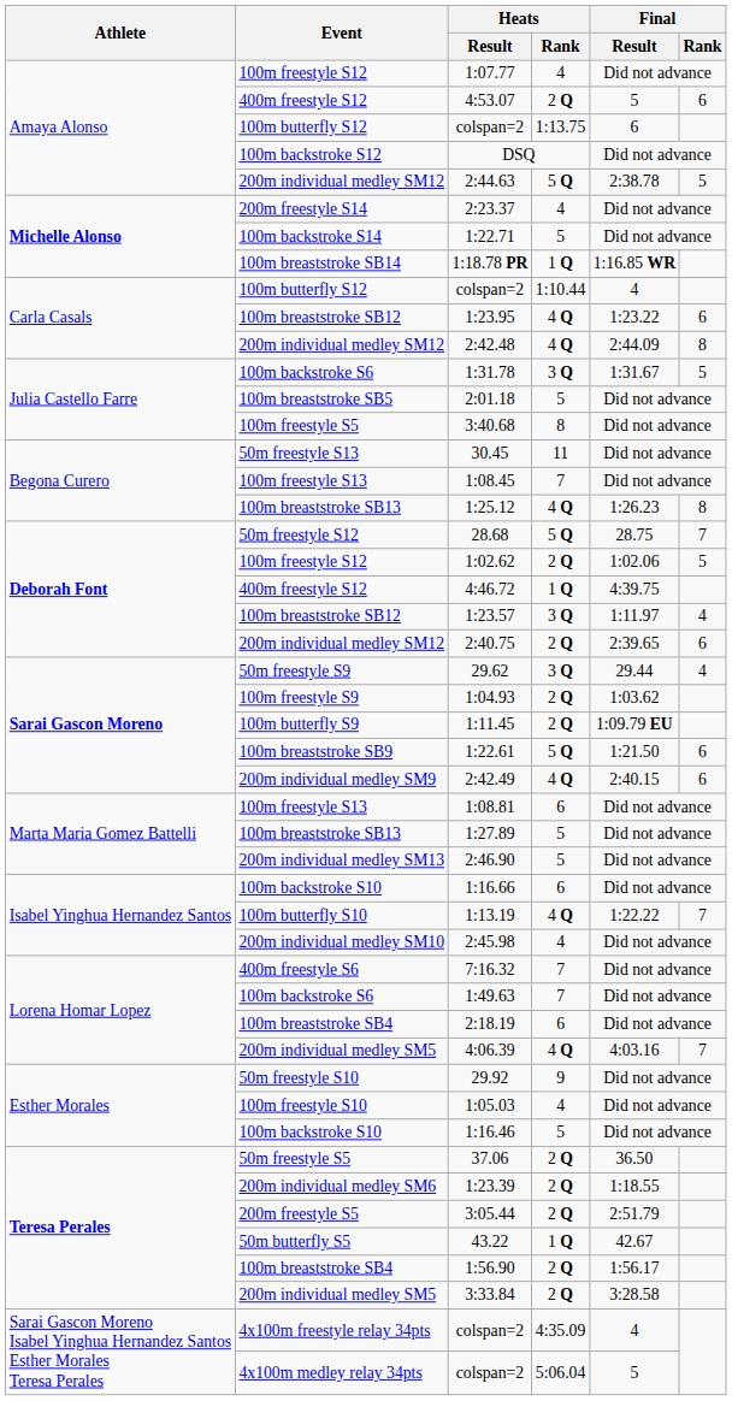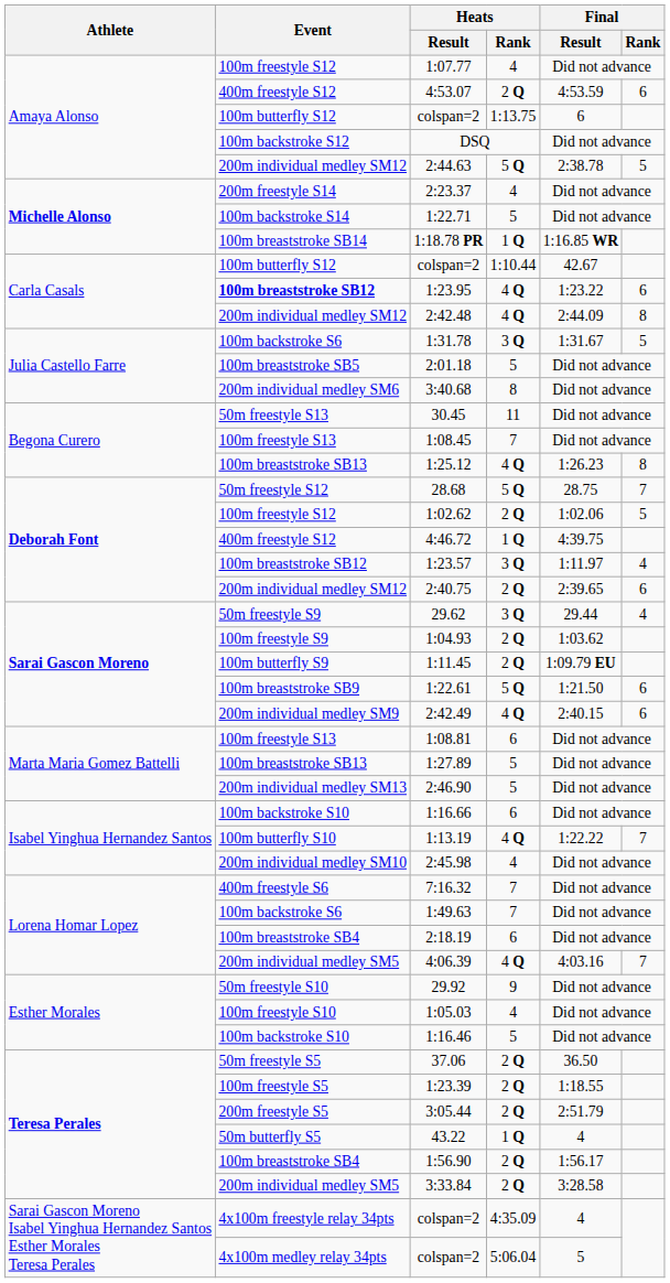 <table class=wikitable style="font-size:90%">
 <tr>
 <th rowspan="2">Athlete</th>
 <th rowspan="2">Event</th>
 <th colspan="2">Heats</th>
 <th colspan="2">Final</th>
 </tr>
 <tr>
 <th>Result</th>
 <th>Rank</th>
 <th>Result</th>
 <th>Rank</th>
 </tr>
 <tr align=center>
 <td align=left rowspan=5><a href='#'>Amaya Alonso</a></td>
 <td align=left><a href='#'>100m freestyle S12</a></td>
 <td>1:07.77</td>
 <td>4</td>
 <td colspan=2>Did not advance</td>
 </tr>
 <tr align=center>
 <td align=left><a href='#'>400m freestyle S12</a></td>
 <td>4:53.07</td>
 <td>2 <strong>Q</strong></td>
-<td>5</td>
+<td>4:53.59</td>
 <td>6</td>
 </tr>
 <tr align=center>
 <td align=left><a href='#'>100m butterfly S12</a></td>
 <td>colspan=2 </td>
 <td>1:13.75</td>
 <td>6</td>
 </tr>
 <tr align=center>
 <td align=left><a href='#'>100m backstroke S12</a></td>
 <td colspan=2>DSQ</td>
 <td colspan=2>Did not advance</td>
 </tr>
 <tr align=center>
 <td align=left><a href='#'>200m individual medley SM12</a></td>
 <td>2:44.63</td>
 <td>5 <strong>Q</strong></td>
 <td>2:38.78</td>
 <td>5</td>
 </tr>
 <tr align=center>
 <td align=left rowspan=3><strong><a href='#'>Michelle Alonso</a></strong></td>
 <td align=left><a href='#'>200m freestyle S14</a></td>
 <td>2:23.37</td>
 <td>4</td>
 <td colspan=2>Did not advance</td>
 </tr>
 <tr align=center>
 <td align=left><a href='#'>100m backstroke S14</a></td>
 <td>1:22.71</td>
 <td>5</td>
 <td colspan=2>Did not advance</td>
 </tr>
 <tr align=center>
 <td align=left><a href='#'>100m breaststroke SB14</a></td>
 <td>1:18.78 <strong>PR</strong></td>
 <td>1 <strong>Q</strong></td>
 <td>1:16.85 <strong>WR</strong></td>
 <td></td>
 </tr>
 <tr align=center>
 <td align=left rowspan=3><a href='#'>Carla Casals</a></td>
 <td align=left><a href='#'>100m butterfly S12</a></td>
 <td>colspan=2 </td>
 <td>1:10.44</td>
-<td>4</td>
+<td>42.67</td>
 </tr>
 <tr align=center>
-<td align=left><a href='#'>100m breaststroke SB12</a></td>
+<td align=left><strong><a href='#'>100m breaststroke SB12</a></strong></td>
 <td>1:23.95</td>
 <td>4 <strong>Q</strong></td>
 <td>1:23.22</td>
 <td>6</td>
 </tr>
 <tr align=center>
 <td align=left><a href='#'>200m individual medley SM12</a></td>
 <td>2:42.48</td>
 <td>4 <strong>Q</strong></td>
 <td>2:44.09</td>
 <td>8</td>
 </tr>
 <tr align=center>
 <td align=left rowspan=3><a href='#'>Julia Castello Farre</a></td>
 <td align=left><a href='#'>100m backstroke S6</a></td>
 <td>1:31.78</td>
 <td>3 <strong>Q</strong></td>
 <td>1:31.67</td>
 <td>5</td>
 </tr>
 <tr align=center>
 <td align=left><a href='#'>100m breaststroke SB5</a></td>
 <td>2:01.18</td>
 <td>5</td>
 <td colspan=2>Did not advance</td>
 </tr>
 <tr align=center>
-<td align=left><a href='#'>100m freestyle S5</a></td>
+<td align=left><a href='#'>200m individual medley SM6</a></td>
 <td>3:40.68</td>
 <td>8</td>
 <td colspan=2>Did not advance</td>
 </tr>
 <tr align=center>
 <td align=left rowspan=3><a href='#'>Begona Curero</a></td>
 <td align=left><a href='#'>50m freestyle S13</a></td>
 <td>30.45</td>
 <td>11</td>
 <td colspan=2>Did not advance</td>
 </tr>
 <tr align=center>
 <td align=left><a href='#'>100m freestyle S13</a></td>
 <td>1:08.45</td>
 <td>7</td>
 <td colspan=2>Did not advance</td>
 </tr>
 <tr align=center>
 <td align=left><a href='#'>100m breaststroke SB13</a></td>
 <td>1:25.12</td>
 <td>4 <strong>Q</strong></td>
 <td>1:26.23</td>
 <td>8</td>
 </tr>
 <tr align=center>
 <td align=left rowspan=5><strong><a href='#'>Deborah Font</a></strong></td>
 <td align=left><a href='#'>50m freestyle S12</a></td>
 <td>28.68</td>
 <td>5 <strong>Q</strong></td>
 <td>28.75</td>
 <td>7</td>
 </tr>
 <tr align=center>
 <td align=left><a href='#'>100m freestyle S12</a></td>
 <td>1:02.62</td>
 <td>2 <strong>Q</strong></td>
 <td>1:02.06</td>
 <td>5</td>
 </tr>
 <tr align=center>
 <td align=left><a href='#'>400m freestyle S12</a></td>
 <td>4:46.72</td>
 <td>1 <strong>Q</strong></td>
 <td>4:39.75</td>
 <td></td>
 </tr>
 <tr align=center>
 <td align=left><a href='#'>100m breaststroke SB12</a></td>
 <td>1:23.57</td>
 <td>3 <strong>Q</strong></td>
 <td>1:11.97</td>
 <td>4</td>
 </tr>
 <tr align=center>
 <td align=left><a href='#'>200m individual medley SM12</a></td>
 <td>2:40.75</td>
 <td>2 <strong>Q</strong></td>
 <td>2:39.65</td>
 <td>6</td>
 </tr>
 <tr align=center>
 <td align=left rowspan=5><strong><a href='#'>Sarai Gascon Moreno</a></strong></td>
 <td align=left><a href='#'>50m freestyle S9</a></td>
 <td>29.62</td>
 <td>3 <strong>Q</strong></td>
 <td>29.44</td>
 <td>4</td>
 </tr>
 <tr align=center>
 <td align=left><a href='#'>100m freestyle S9</a></td>
 <td>1:04.93</td>
 <td>2 <strong>Q</strong></td>
 <td>1:03.62</td>
 <td></td>
 </tr>
 <tr align=center>
 <td align=left><a href='#'>100m butterfly S9</a></td>
 <td>1:11.45</td>
 <td>2 <strong>Q</strong></td>
 <td>1:09.79 <strong>EU</strong></td>
 <td></td>
 </tr>
 <tr align=center>
 <td align=left><a href='#'>100m breaststroke SB9</a></td>
 <td>1:22.61</td>
 <td>5 <strong>Q</strong></td>
 <td>1:21.50</td>
 <td>6</td>
 </tr>
 <tr align=center>
 <td align=left><a href='#'>200m individual medley SM9</a></td>
 <td>2:42.49</td>
 <td>4 <strong>Q</strong></td>
 <td>2:40.15</td>
 <td>6</td>
 </tr>
 <tr align=center>
 <td align=left rowspan=3><a href='#'>Marta Maria Gomez Battelli</a></td>
 <td align=left><a href='#'>100m freestyle S13</a></td>
 <td>1:08.81</td>
 <td>6</td>
 <td colspan=2>Did not advance</td>
 </tr>
 <tr align=center>
 <td align=left><a href='#'>100m breaststroke SB13</a></td>
 <td>1:27.89</td>
 <td>5</td>
 <td colspan=2>Did not advance</td>
 </tr>
 <tr align=center>
 <td align=left><a href='#'>200m individual medley SM13</a></td>
 <td>2:46.90</td>
 <td>5</td>
 <td colspan=2>Did not advance</td>
 </tr>
 <tr align=center>
 <td align=left rowspan=3><a href='#'>Isabel Yinghua Hernandez Santos</a></td>
 <td align=left><a href='#'>100m backstroke S10</a></td>
 <td>1:16.66</td>
 <td>6</td>
 <td colspan=2>Did not advance</td>
 </tr>
 <tr align=center>
 <td align=left><a href='#'>100m butterfly S10</a></td>
 <td>1:13.19</td>
 <td>4 <strong>Q</strong></td>
 <td>1:22.22</td>
 <td>7</td>
 </tr>
 <tr align=center>
 <td align=left><a href='#'>200m individual medley SM10</a></td>
 <td>2:45.98</td>
 <td>4</td>
 <td colspan=2>Did not advance</td>
 </tr>
 <tr align=center>
 <td align=left rowspan=4><a href='#'>Lorena Homar Lopez</a></td>
 <td align=left><a href='#'>400m freestyle S6</a></td>
 <td>7:16.32</td>
 <td>7</td>
 <td colspan=2>Did not advance</td>
 </tr>
 <tr align=center>
 <td align=left><a href='#'>100m backstroke S6</a></td>
 <td>1:49.63</td>
 <td>7</td>
 <td colspan=2>Did not advance</td>
 </tr>
 <tr align=center>
 <td align=left><a href='#'>100m breaststroke SB4</a></td>
 <td>2:18.19</td>
 <td>6</td>
 <td colspan=2>Did not advance</td>
 </tr>
 <tr align=center>
 <td align=left><a href='#'>200m individual medley SM5</a></td>
 <td>4:06.39</td>
 <td>4 <strong>Q</strong></td>
 <td>4:03.16</td>
 <td>7</td>
 </tr>
 <tr align=center>
 <td align=left rowspan=3><a href='#'>Esther Morales</a></td>
 <td align=left><a href='#'>50m freestyle S10</a></td>
 <td>29.92</td>
 <td>9</td>
 <td colspan=2>Did not advance</td>
 </tr>
 <tr align=center>
 <td align=left><a href='#'>100m freestyle S10</a></td>
 <td>1:05.03</td>
 <td>4</td>
 <td colspan=2>Did not advance</td>
 </tr>
 <tr align=center>
 <td align=left><a href='#'>100m backstroke S10</a></td>
 <td>1:16.46</td>
 <td>5</td>
 <td colspan=2>Did not advance</td>
 </tr>
 <tr align=center>
 <td align=left rowspan=6><strong><a href='#'>Teresa Perales</a></strong></td>
 <td align=left><a href='#'>50m freestyle S5</a></td>
 <td>37.06</td>
 <td>2 <strong>Q</strong></td>
 <td>36.50</td>
 <td></td>
 </tr>
 <tr align=center>
-<td align=left><a href='#'>200m individual medley SM6</a></td>
+<td align=left><a href='#'>100m freestyle S5</a></td>
 <td>1:23.39</td>
 <td>2 <strong>Q</strong></td>
 <td>1:18.55</td>
 <td></td>
 </tr>
 <tr align=center>
 <td align=left><a href='#'>200m freestyle S5</a></td>
 <td>3:05.44</td>
 <td>2 <strong>Q</strong></td>
 <td>2:51.79</td>
 <td></td>
 </tr>
 <tr align=center>
 <td align=left><a href='#'>50m butterfly S5</a></td>
 <td>43.22</td>
 <td>1 <strong>Q</strong></td>
-<td>42.67</td>
+<td>4</td>
 <td></td>
 </tr>
 <tr align=center>
 <td align=left><a href='#'>100m breaststroke SB4</a></td>
 <td>1:56.90</td>
 <td>2 <strong>Q</strong></td>
 <td>1:56.17</td>
 <td></td>
 </tr>
 <tr align=center>
 <td align=left><a href='#'>200m individual medley SM5</a></td>
 <td>3:33.84</td>
 <td>2 <strong>Q</strong></td>
 <td>3:28.58</td>
 <td></td>
 </tr>
 <tr align=center>
 <td align=left rowspan=2><a href='#'>Sarai Gascon Moreno</a><br><a href='#'>Isabel Yinghua Hernandez Santos</a><br><a href='#'>Esther Morales</a><br><a href='#'>Teresa Perales</a></td>
 <td align=left><a href='#'>4x100m freestyle relay 34pts</a></td>
 <td>colspan=2 </td>
 <td>4:35.09</td>
 <td>4</td>
 </tr>
 <tr align=center>
 <td align=left><a href='#'>4x100m medley relay 34pts</a></td>
 <td>colspan=2 </td>
 <td>5:06.04</td>
 <td>5</td>
 </tr>
 </table>
